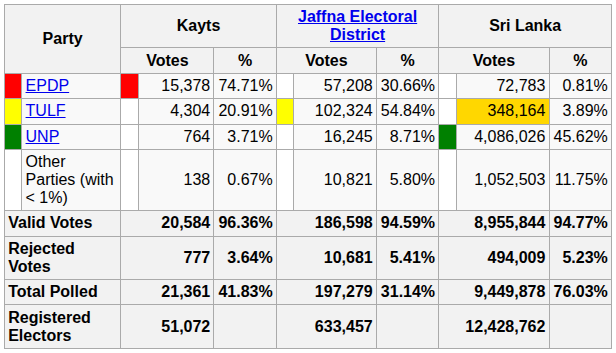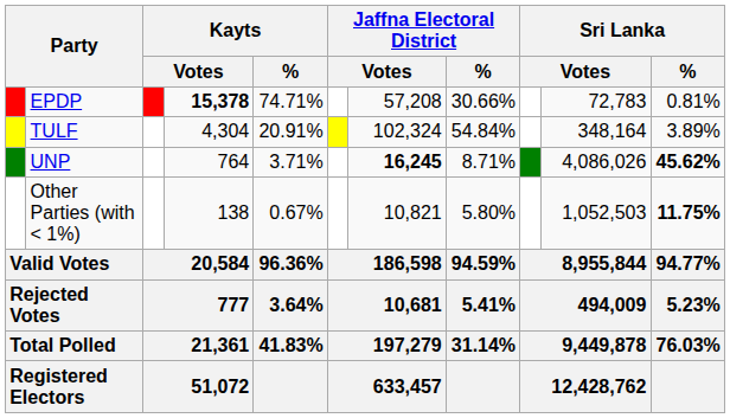 <table class="wikitable">
 <tr>
 <th colspan="2" width="144px"rowspan="2">Party</th>
 <th colspan="3" width="216px">Kayts</th>
 <th colspan="3" width="216px"><a href='#'>Jaffna Electoral District</a></th>
 <th colspan="3" width="216px">Sri Lanka</th>
 </tr>
 <tr>
 <th colspan="2" width="144px">Votes</th>
 <th>%</th>
 <th colspan="2" width="144px">Votes</th>
 <th>%</th>
 <th colspan="2" width="144px">Votes</th>
 <th>%</th>
 </tr>
 <tr>
 <td style="background-color:red;" width="10px"></td>
 <td style="text-align:left;"><a href='#'>EPDP</a></td>
 <td style="background-color:red;" width="10px"></td>
-<td style="text-align:right;">15,378</td>
+<td style="text-align:right;"><strong>15,378</strong></td>
 <td style="text-align:right;">74.71%</td>
 <td style="background-color:white;" width="10px"></td>
 <td style="text-align:right;">57,208</td>
 <td style="text-align:right;">30.66%</td>
 <td style="background-color:white;" width="10px"></td>
 <td style="text-align:right;">72,783</td>
 <td style="text-align:right;">0.81%</td>
 </tr>
 <tr>
 <td style="background-color:yellow;" width="10px"></td>
 <td style="text-align:left;"><a href='#'>TULF</a></td>
 <td style="background-color:white;" width="10px"></td>
 <td style="text-align:right;">4,304</td>
 <td style="text-align:right;">20.91%</td>
 <td style="background-color:yellow;" width="10px"></td>
 <td style="text-align:right;">102,324</td>
 <td style="text-align:right;">54.84%</td>
 <td style="background-color:white;" width="10px"></td>
-<td style="background: gold; text-align:right;">348,164</td>
+<td style="text-align:right;">348,164</td>
 <td style="text-align:right;">3.89%</td>
 </tr>
 <tr>
 <td style="background-color:green;" width="10px"></td>
 <td style="text-align:left;"><a href='#'>UNP</a></td>
 <td style="background-color:white;" width="10px"></td>
 <td style="text-align:right;">764</td>
 <td style="text-align:right;">3.71%</td>
 <td style="background-color:white;" width="10px"></td>
-<td style="text-align:right;">16,245</td>
+<td style="text-align:right;"><strong>16,245</strong></td>
 <td style="text-align:right;">8.71%</td>
 <td style="background-color:green;" width="10px"></td>
 <td style="text-align:right;">4,086,026</td>
-<td style="text-align:right;">45.62%</td>
+<td style="text-align:right;"><strong>45.62%</strong></td>
 </tr>
 <tr>
 <td style="background-color:white;" width="10px"></td>
 <td style="text-align:left;">Other Parties (with < 1%)</td>
 <td style="background-color:white;" width="10px"></td>
 <td style="text-align:right;">138</td>
 <td style="text-align:right;">0.67%</td>
 <td style="background-color:white;" width="10px"></td>
 <td style="text-align:right;">10,821</td>
 <td style="text-align:right;">5.80%</td>
 <td style="background-color:white;" width="10px"></td>
 <td style="text-align:right;">1,052,503</td>
-<td style="text-align:right;">11.75%</td>
+<td style="text-align:right;"><strong>11.75%</strong></td>
 </tr>
 <tr>
 <th colspan="2" width="144px"style="text-align:left;">Valid Votes</th>
 <th style="text-align:right;"colspan="2" width="144px">20,584</th>
 <th style="text-align:right;">96.36%</th>
 <th style="text-align:right;"colspan="2" width="144px">186,598</th>
 <th style="text-align:right;">94.59%</th>
 <th style="text-align:right;"colspan="2" width="144px">8,955,844</th>
 <th style="text-align:right;">94.77%</th>
 </tr>
 <tr>
 <th colspan="2" width="144px"style="text-align:left;">Rejected Votes</th>
 <th style="text-align:right;"colspan="2" width="144px">777</th>
 <th style="text-align:right;">3.64%</th>
 <th style="text-align:right;"colspan="2" width="144px">10,681</th>
 <th style="text-align:right;">5.41%</th>
 <th style="text-align:right;"colspan="2" width="144px">494,009</th>
 <th style="text-align:right;">5.23%</th>
 </tr>
 <tr>
 <th colspan="2" width="144px"style="text-align:left;">Total Polled</th>
 <th style="text-align:right;"colspan="2" width="144px">21,361</th>
 <th style="text-align:right;">41.83%</th>
 <th style="text-align:right;"colspan="2" width="144px">197,279</th>
 <th style="text-align:right;">31.14%</th>
 <th style="text-align:right;"colspan="2" width="144px">9,449,878</th>
 <th style="text-align:right;">76.03%</th>
 </tr>
 <tr>
 <th colspan="2" width="144px"style="text-align:left;">Registered Electors</th>
 <th style="text-align:right;"colspan="2" width="144px">51,072</th>
 <th></th>
 <th style="text-align:right;"colspan="2" width="144px">633,457</th>
 <th></th>
 <th style="text-align:right;"colspan="2" width="144px">12,428,762</th>
 <th></th>
 </tr>
 </table>
